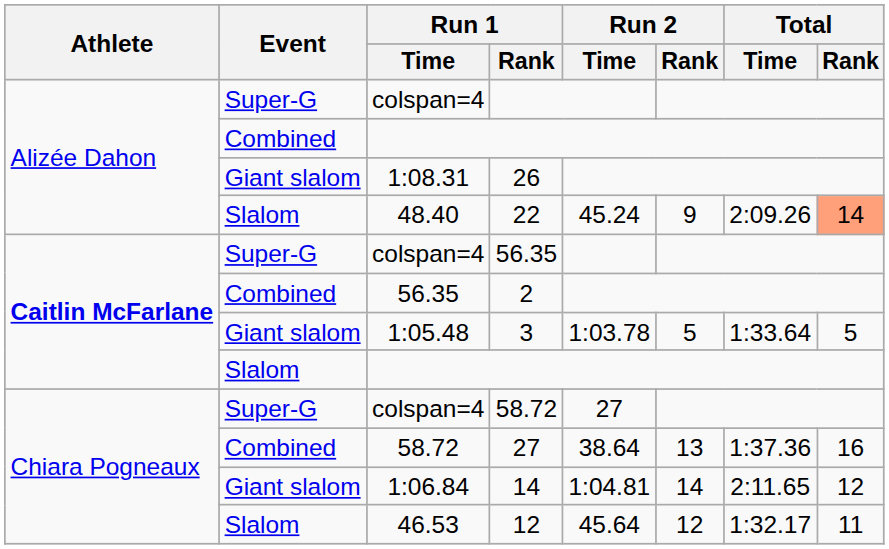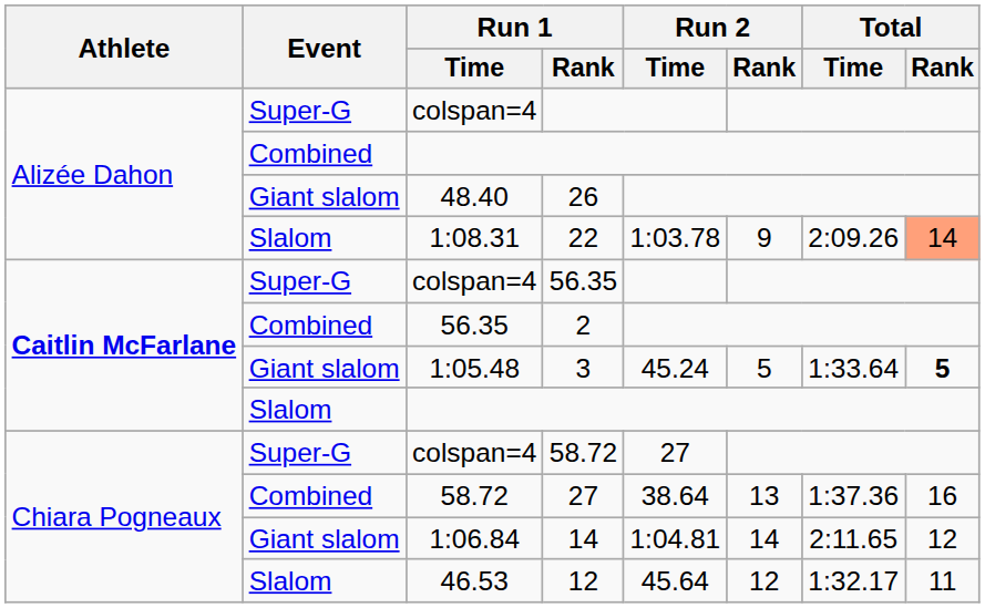 <table class="wikitable" style="font-size:90%">
 <tr>
 <th rowspan=2>Athlete</th>
 <th rowspan=2>Event</th>
 <th colspan=2>Run 1</th>
 <th colspan=2>Run 2</th>
 <th colspan=2>Total</th>
 </tr>
 <tr style="font-size:95%">
 <th>Time</th>
 <th>Rank</th>
 <th>Time</th>
 <th>Rank</th>
 <th>Time</th>
 <th>Rank</th>
 </tr>
 <tr align=center>
 <td align="left" rowspan="4"><a href='#'>Alizée Dahon</a></td>
 <td align="left"><a href='#'>Super-G</a></td>
 <td>colspan=4</td>
 <td colspan=2></td>
 </tr>
 <tr align=center>
 <td align="left"><a href='#'>Combined</a></td>
 <td colspan=6></td>
 </tr>
 <tr align=center>
 <td align="left"><a href='#'>Giant slalom</a></td>
-<td>1:08.31</td>
+<td>48.40</td>
 <td>26</td>
 <td colspan=4></td>
 </tr>
 <tr align=center>
 <td align="left"><a href='#'>Slalom</a></td>
-<td>48.40</td>
+<td>1:08.31</td>
 <td>22</td>
-<td>45.24</td>
+<td>1:03.78</td>
 <td>9</td>
 <td>2:09.26</td>
 <td style="background: lightsalmon;">14</td>
 </tr>
 <tr align=center>
 <td align="left" rowspan="4"><strong><a href='#'>Caitlin McFarlane</a></strong></td>
 <td align="left"><a href='#'>Super-G</a></td>
 <td>colspan=4</td>
 <td>56.35</td>
 <td><strong></strong></td>
 </tr>
 <tr align=center>
 <td align="left"><a href='#'>Combined</a></td>
 <td>56.35</td>
 <td>2</td>
 <td colspan=4></td>
 </tr>
 <tr align=center>
 <td align="left"><a href='#'>Giant slalom</a></td>
 <td>1:05.48</td>
 <td>3</td>
-<td>1:03.78</td>
+<td>45.24</td>
 <td>5</td>
 <td>1:33.64</td>
-<td>5</td>
+<td><strong>5</strong></td>
 </tr>
 <tr>
 <td align="left"><a href='#'>Slalom</a></td>
 <td colspan=6></td>
 </tr>
 <tr align=center>
 <td align="left" rowspan="4"><a href='#'>Chiara Pogneaux</a></td>
 <td align="left"><a href='#'>Super-G</a></td>
 <td>colspan=4</td>
 <td>58.72</td>
 <td>27</td>
 </tr>
 <tr align=center>
 <td align="left"><a href='#'>Combined</a></td>
 <td>58.72</td>
 <td>27</td>
 <td>38.64</td>
 <td>13</td>
 <td>1:37.36</td>
 <td>16</td>
 </tr>
 <tr align=center>
 <td align="left"><a href='#'>Giant slalom</a></td>
 <td>1:06.84</td>
 <td>14</td>
 <td>1:04.81</td>
 <td>14</td>
 <td>2:11.65</td>
 <td>12</td>
 </tr>
 <tr align=center>
 <td align="left"><a href='#'>Slalom</a></td>
 <td>46.53</td>
 <td>12</td>
 <td>45.64</td>
 <td>12</td>
 <td>1:32.17</td>
 <td>11</td>
 </tr>
 </table>
